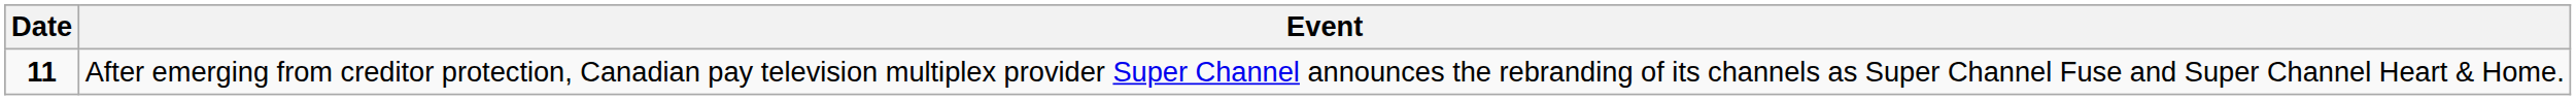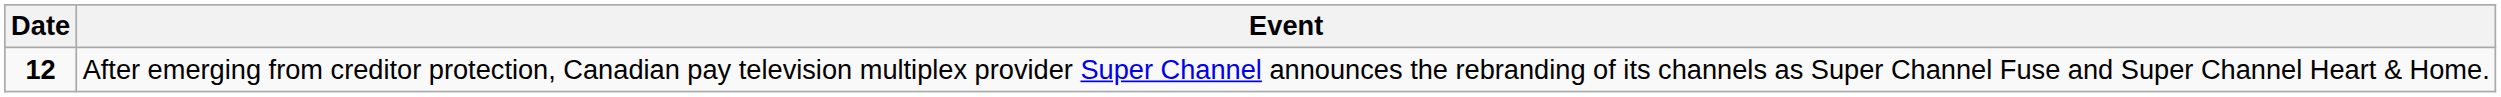 <table class="wikitable">
 <tr>
 <th>Date</th>
 <th>Event</th>
 </tr>
 <tr>
-<td style="text-align:center;"><strong>11</strong></td>
+<td style="text-align:center;"><strong>12</strong></td>
 <td>After emerging from creditor protection, Canadian pay television multiplex provider <a href='#'>Super Channel</a> announces the rebranding of its channels as Super Channel Fuse and Super Channel Heart & Home.</td>
 </tr>
 </table>
